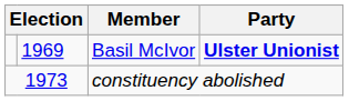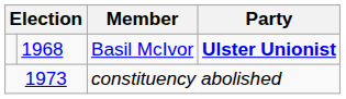 <table class="wikitable">
 <tr>
 <th colspan="2">Election</th>
 <th>Member</th>
 <th>Party</th>
 </tr>
 <tr>
 <td style="background-color: "></td>
-<td><a href='#'>1969</a></td>
+<td><a href='#'>1968</a></td>
 <td><a href='#'>Basil McIvor</a></td>
 <td><strong><a href='#'>Ulster Unionist</a></strong></td>
 </tr>
 <tr>
 <td colspan="2" align="center"><a href='#'>1973</a></td>
 <td colspan="2"><em>constituency abolished</em></td>
 </tr>
 </table>
